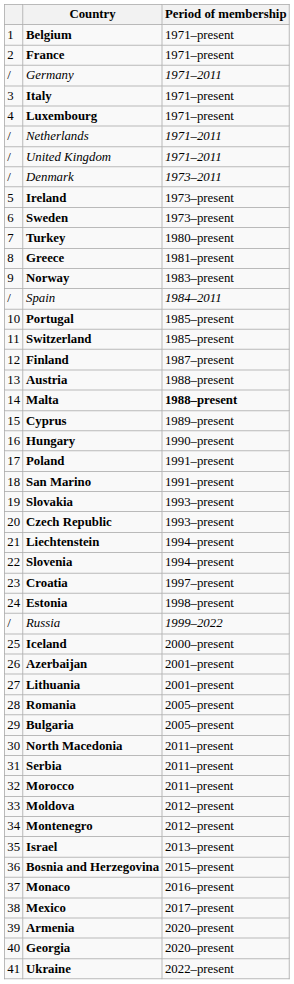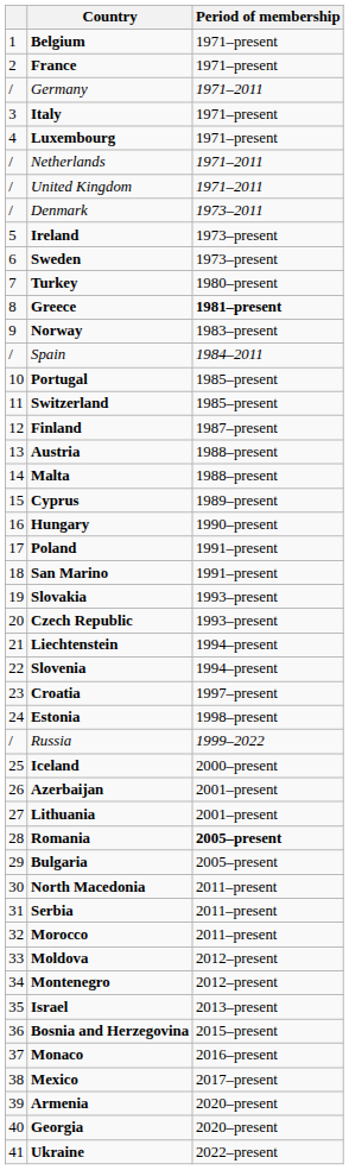 <table class="wikitable sortable mw-collapsible mw-collapsed">
 <tr>
 <th></th>
 <th>Country</th>
 <th>Period of membership</th>
 </tr>
 <tr>
 <td>1</td>
 <td><strong>Belgium</strong></td>
 <td>1971–present</td>
 </tr>
 <tr>
 <td>2</td>
 <td><strong>France</strong></td>
 <td>1971–present</td>
 </tr>
 <tr>
 <td>/</td>
 <td><em>Germany</em></td>
 <td><em>1971–2011</em></td>
 </tr>
 <tr>
 <td>3</td>
 <td><strong>Italy</strong></td>
 <td>1971–present</td>
 </tr>
 <tr>
 <td>4</td>
 <td><strong>Luxembourg</strong></td>
 <td>1971–present</td>
 </tr>
 <tr>
 <td>/</td>
 <td><em>Netherlands</em></td>
 <td><em>1971–2011</em></td>
 </tr>
 <tr>
 <td>/</td>
 <td><em>United Kingdom</em></td>
 <td><em>1971–2011</em></td>
 </tr>
 <tr>
 <td>/</td>
 <td><em>Denmark</em></td>
 <td><em>1973–2011</em></td>
 </tr>
 <tr>
 <td>5</td>
 <td><strong>Ireland</strong></td>
 <td>1973–present</td>
 </tr>
 <tr>
 <td>6</td>
 <td><strong>Sweden</strong></td>
 <td>1973–present</td>
 </tr>
 <tr>
 <td>7</td>
 <td><strong>Turkey</strong></td>
 <td>1980–present</td>
 </tr>
 <tr>
 <td>8</td>
 <td><strong>Greece</strong></td>
-<td>1981–present</td>
+<td><strong>1981–present</strong></td>
 </tr>
 <tr>
 <td>9</td>
 <td><strong>Norway</strong></td>
 <td>1983–present</td>
 </tr>
 <tr>
 <td>/</td>
 <td><em>Spain</em></td>
 <td><em>1984–2011</em></td>
 </tr>
 <tr>
 <td>10</td>
 <td><strong>Portugal</strong></td>
 <td>1985–present</td>
 </tr>
 <tr>
 <td>11</td>
 <td><strong>Switzerland</strong></td>
 <td>1985–present</td>
 </tr>
 <tr>
 <td>12</td>
 <td><strong>Finland</strong></td>
 <td>1987–present</td>
 </tr>
 <tr>
 <td>13</td>
 <td><strong>Austria</strong></td>
 <td>1988–present</td>
 </tr>
 <tr>
 <td>14</td>
 <td><strong>Malta</strong></td>
-<td><strong>1988–present</strong></td>
+<td>1988–present</td>
 </tr>
 <tr>
 <td>15</td>
 <td><strong>Cyprus</strong></td>
 <td>1989–present</td>
 </tr>
 <tr>
 <td>16</td>
 <td><strong>Hungary</strong></td>
 <td>1990–present</td>
 </tr>
 <tr>
 <td>17</td>
 <td><strong>Poland</strong></td>
 <td>1991–present</td>
 </tr>
 <tr>
 <td>18</td>
 <td><strong>San Marino</strong></td>
 <td>1991–present</td>
 </tr>
 <tr>
 <td>19</td>
 <td><strong>Slovakia</strong></td>
 <td>1993–present</td>
 </tr>
 <tr>
 <td>20</td>
 <td><strong>Czech Republic</strong></td>
 <td>1993–present</td>
 </tr>
 <tr>
 <td>21</td>
 <td><strong>Liechtenstein</strong></td>
 <td>1994–present</td>
 </tr>
 <tr>
 <td>22</td>
 <td><strong>Slovenia</strong></td>
 <td>1994–present</td>
 </tr>
 <tr>
 <td>23</td>
 <td><strong>Croatia</strong></td>
 <td>1997–present</td>
 </tr>
 <tr>
 <td>24</td>
 <td><strong>Estonia</strong></td>
 <td>1998–present</td>
 </tr>
 <tr>
 <td>/</td>
 <td><em>Russia</em></td>
 <td><em>1999–2022</em></td>
 </tr>
 <tr>
 <td>25</td>
 <td><strong>Iceland</strong></td>
 <td>2000–present</td>
 </tr>
 <tr>
 <td>26</td>
 <td><strong>Azerbaijan</strong></td>
 <td>2001–present</td>
 </tr>
 <tr>
 <td>27</td>
 <td><strong>Lithuania</strong></td>
 <td>2001–present</td>
 </tr>
 <tr>
 <td>28</td>
 <td><strong>Romania</strong></td>
-<td>2005–present</td>
+<td><strong>2005–present</strong></td>
 </tr>
 <tr>
 <td>29</td>
 <td><strong>Bulgaria</strong></td>
 <td>2005–present</td>
 </tr>
 <tr>
 <td>30</td>
 <td><strong>North Macedonia</strong></td>
 <td>2011–present</td>
 </tr>
 <tr>
 <td>31</td>
 <td><strong>Serbia</strong></td>
 <td>2011–present</td>
 </tr>
 <tr>
 <td>32</td>
 <td><strong>Morocco</strong></td>
 <td>2011–present</td>
 </tr>
 <tr>
 <td>33</td>
 <td><strong>Moldova</strong></td>
 <td>2012–present</td>
 </tr>
 <tr>
 <td>34</td>
 <td><strong>Montenegro</strong></td>
 <td>2012–present</td>
 </tr>
 <tr>
 <td>35</td>
 <td><strong>Israel</strong></td>
 <td>2013–present</td>
 </tr>
 <tr>
 <td>36</td>
 <td><strong>Bosnia and Herzegovina</strong></td>
 <td>2015–present</td>
 </tr>
 <tr>
 <td>37</td>
 <td><strong>Monaco</strong></td>
 <td>2016–present</td>
 </tr>
 <tr>
 <td>38</td>
 <td><strong>Mexico</strong></td>
 <td>2017–present</td>
 </tr>
 <tr>
 <td>39</td>
 <td><strong>Armenia</strong></td>
 <td>2020–present</td>
 </tr>
 <tr>
 <td>40</td>
 <td><strong>Georgia</strong></td>
 <td>2020–present</td>
 </tr>
 <tr>
 <td>41</td>
 <td><strong>Ukraine</strong></td>
 <td>2022–present</td>
 </tr>
 </table>
